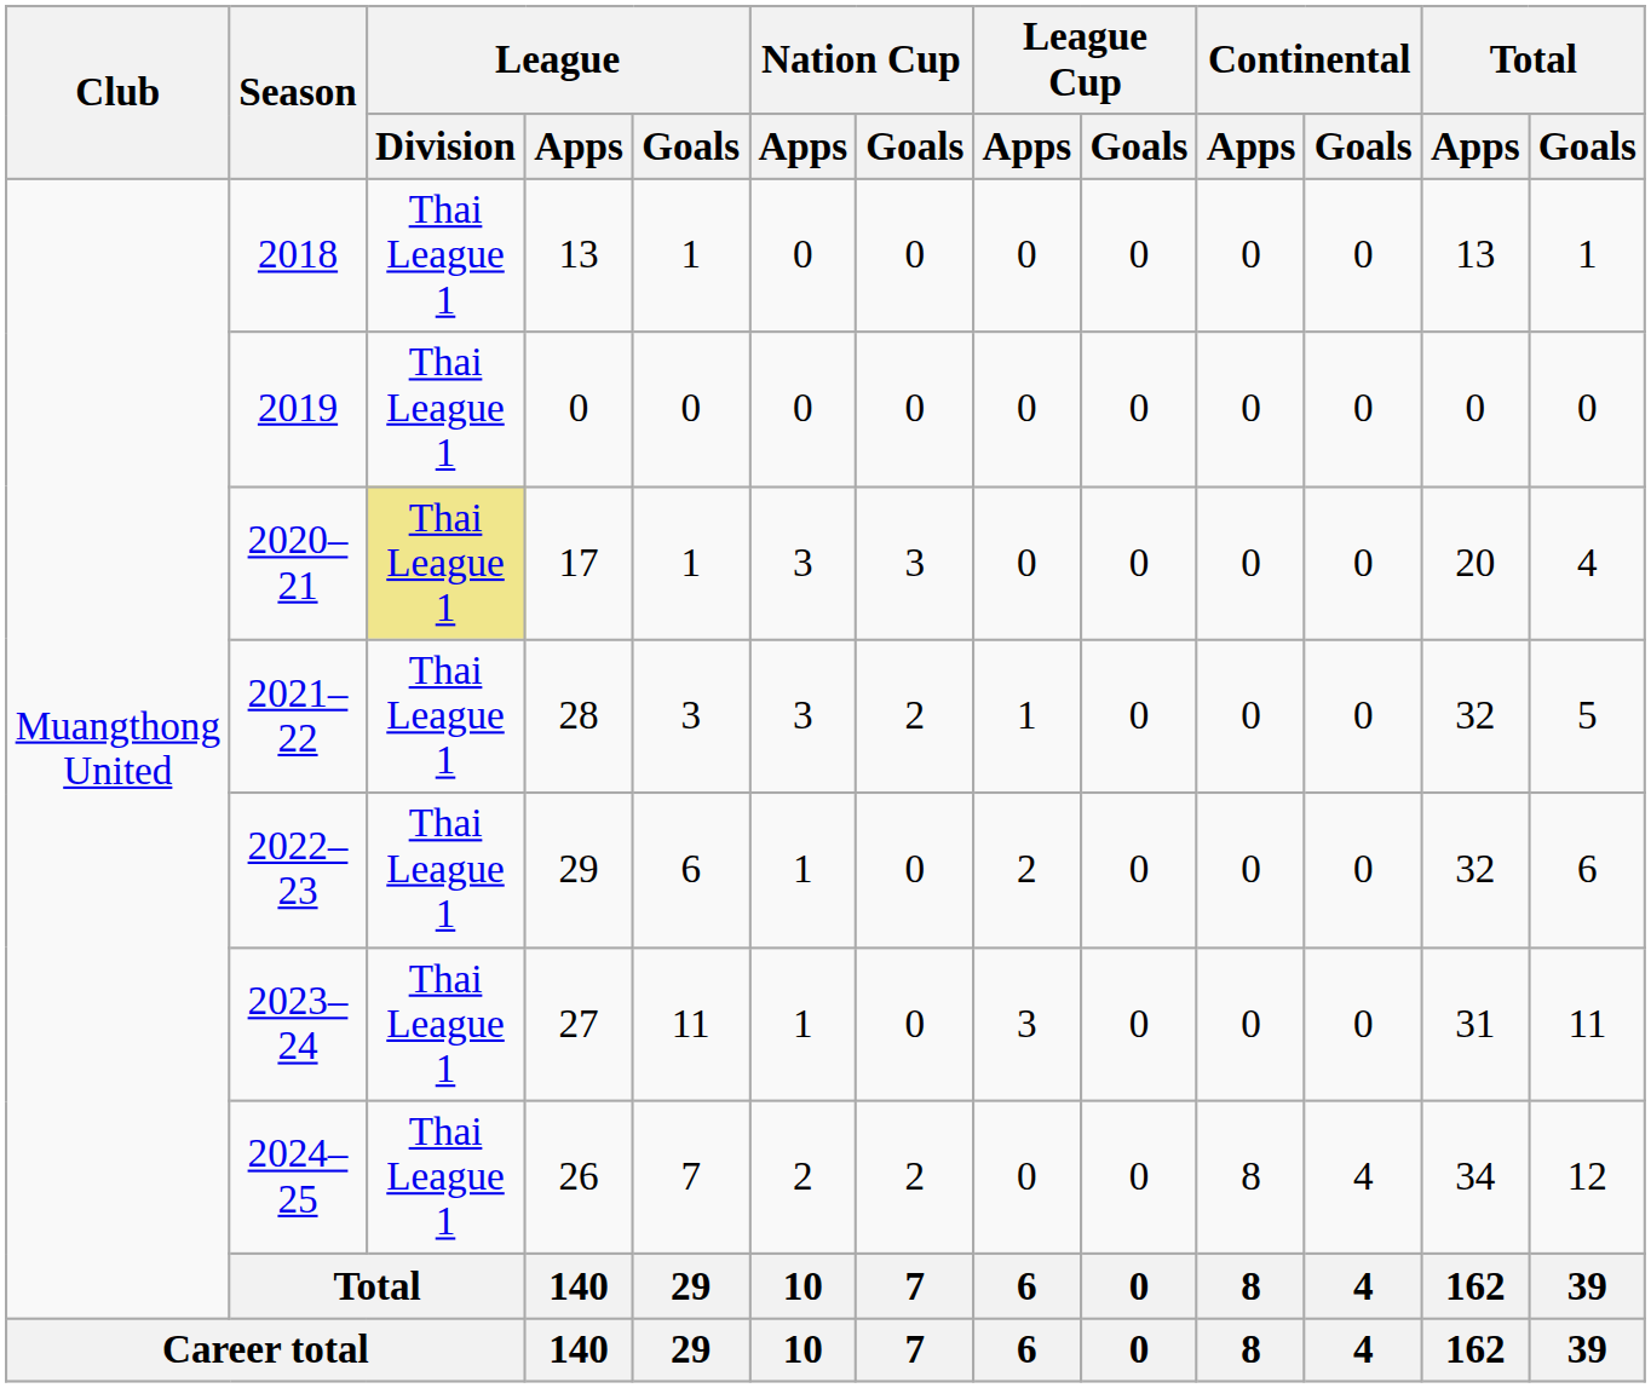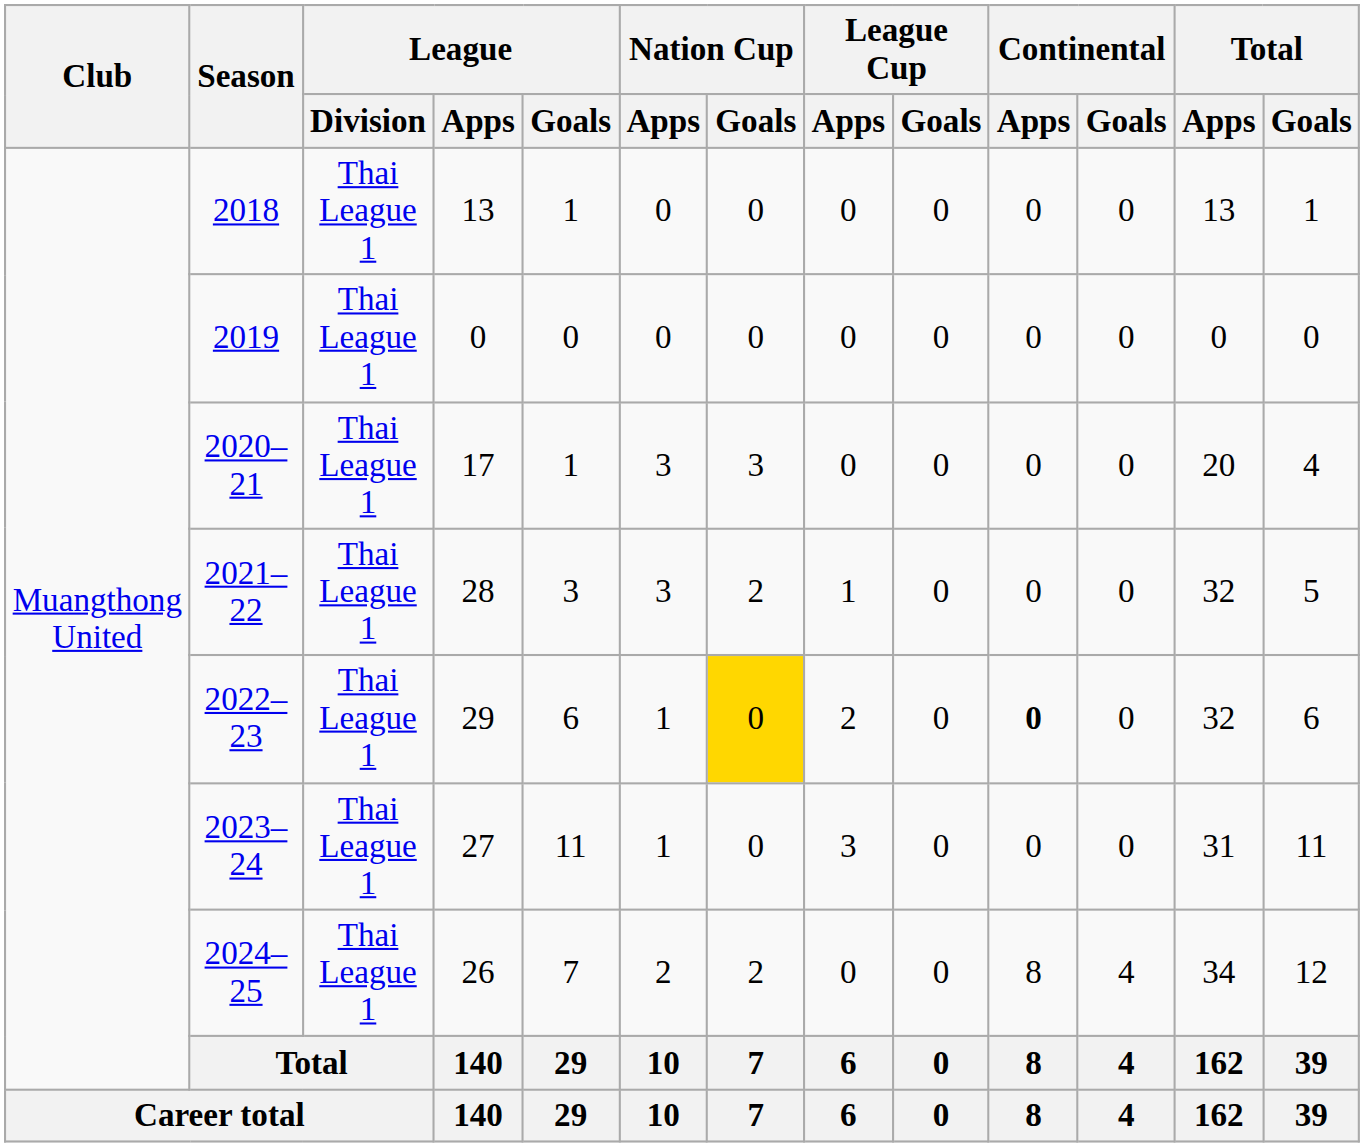 <table class="wikitable" style="text-align:center">
 <tr>
 <th rowspan="2">Club</th>
 <th rowspan="2">Season</th>
 <th colspan="3">League</th>
 <th colspan="2">Nation Cup</th>
 <th colspan="2">League Cup</th>
 <th colspan="2">Continental</th>
 <th colspan="2">Total</th>
 </tr>
 <tr>
 <th>Division</th>
 <th>Apps</th>
 <th>Goals</th>
 <th>Apps</th>
 <th>Goals</th>
 <th>Apps</th>
 <th>Goals</th>
 <th>Apps</th>
 <th>Goals</th>
 <th>Apps</th>
 <th>Goals</th>
 </tr>
 <tr>
 <td rowspan="8"><a href='#'>Muangthong United</a></td>
 <td><a href='#'>2018</a></td>
 <td><a href='#'>Thai League 1</a></td>
 <td>13</td>
 <td>1</td>
 <td>0</td>
 <td>0</td>
 <td>0</td>
 <td>0</td>
 <td>0</td>
 <td>0</td>
 <td>13</td>
 <td>1</td>
 </tr>
 <tr>
 <td><a href='#'>2019</a></td>
 <td><a href='#'>Thai League 1</a></td>
 <td>0</td>
 <td>0</td>
 <td>0</td>
 <td>0</td>
 <td>0</td>
 <td>0</td>
 <td>0</td>
 <td>0</td>
 <td>0</td>
 <td>0</td>
 </tr>
 <tr>
 <td><a href='#'>2020–21</a></td>
-<td style="background: khaki;"><a href='#'>Thai League 1</a></td>
+<td><a href='#'>Thai League 1</a></td>
 <td>17</td>
 <td>1</td>
 <td>3</td>
 <td>3</td>
 <td>0</td>
 <td>0</td>
 <td>0</td>
 <td>0</td>
 <td>20</td>
 <td>4</td>
 </tr>
 <tr>
 <td><a href='#'>2021–22</a></td>
 <td><a href='#'>Thai League 1</a></td>
 <td>28</td>
 <td>3</td>
 <td>3</td>
 <td>2</td>
 <td>1</td>
 <td>0</td>
 <td>0</td>
 <td>0</td>
 <td>32</td>
 <td>5</td>
 </tr>
 <tr>
 <td><a href='#'>2022–23</a></td>
 <td><a href='#'>Thai League 1</a></td>
 <td>29</td>
 <td>6</td>
 <td>1</td>
-<td>0</td>
+<td style="background: gold;">0</td>
 <td>2</td>
 <td>0</td>
-<td>0</td>
+<td><strong>0</strong></td>
 <td>0</td>
 <td>32</td>
 <td>6</td>
 </tr>
 <tr>
 <td><a href='#'>2023–24</a></td>
 <td><a href='#'>Thai League 1</a></td>
 <td>27</td>
 <td>11</td>
 <td>1</td>
 <td>0</td>
 <td>3</td>
 <td>0</td>
 <td>0</td>
 <td>0</td>
 <td>31</td>
 <td>11</td>
 </tr>
 <tr>
 <td><a href='#'>2024–25</a></td>
 <td><a href='#'>Thai League 1</a></td>
 <td>26</td>
 <td>7</td>
 <td>2</td>
 <td>2</td>
 <td>0</td>
 <td>0</td>
 <td>8</td>
 <td>4</td>
 <td>34</td>
 <td>12</td>
 </tr>
 <tr>
 <th colspan="2">Total</th>
 <th>140</th>
 <th>29</th>
 <th>10</th>
 <th>7</th>
 <th>6</th>
 <th>0</th>
 <th>8</th>
 <th>4</th>
 <th>162</th>
 <th>39</th>
 </tr>
 <tr>
 <th colspan="3">Career total</th>
 <th>140</th>
 <th>29</th>
 <th>10</th>
 <th>7</th>
 <th>6</th>
 <th>0</th>
 <th>8</th>
 <th>4</th>
 <th>162</th>
 <th>39</th>
 </tr>
 </table>
